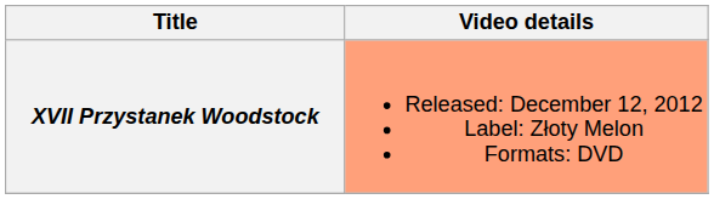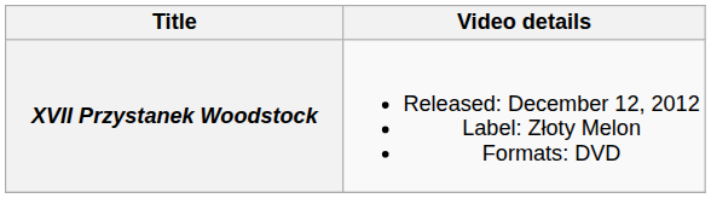 <table class="wikitable plainrowheaders" style="text-align:center;">
 <tr>
 <th scope="col" style="width:15em;">Title</th>
 <th scope="col">Video details</th>
 </tr>
 <tr>
 <th scope="row"><em>XVII Przystanek Woodstock</em></th>
-<td style="background: lightsalmon;"><br><ul><li>Released: December 12, 2012</li><li>Label: Złoty Melon</li><li>Formats: DVD</li></ul></td>
+<td><br><ul><li>Released: December 12, 2012</li><li>Label: Złoty Melon</li><li>Formats: DVD</li></ul></td>
 </tr>
 <tr>
 </tr>
 </table>
